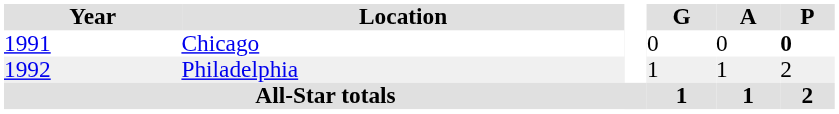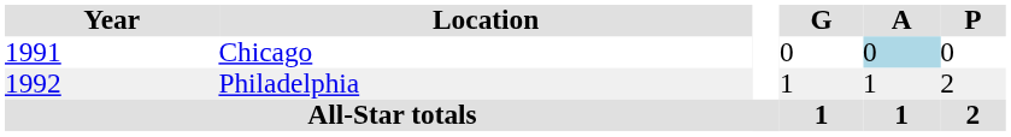 <table BORDER="0" CELLPADDING="0" CELLSPACING="0" width="45%" style="text-align:centre">
 <tr bgcolor="#e0e0e0">
 <th>Year</th>
 <th>Location</th>
 <th rowspan="99" bgcolor="#ffffff"> </th>
 <th>G</th>
 <th>A</th>
 <th>P</th>
 </tr>
 <tr>
 <td><a href='#'>1991</a></td>
 <td><a href='#'>Chicago</a></td>
 <td>0</td>
+<td style="background: lightblue;">0</td>
 <td>0</td>
-<td><strong>0</strong></td>
 </tr>
 <tr bgcolor="#f0f0f0">
 <td><a href='#'>1992</a></td>
 <td><a href='#'>Philadelphia</a></td>
 <td>1</td>
 <td>1</td>
 <td>2</td>
 </tr>
 <tr bgcolor="#e0e0e0">
 <th colspan=3>All-Star totals</th>
 <th>1</th>
 <th>1</th>
 <th>2</th>
 </tr>
 </table>
